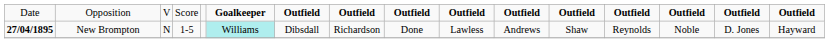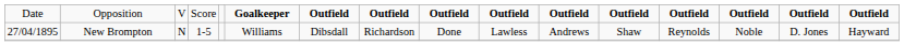 <table class="wikitable" style="font-size: 95%; text-align: center;">
 <tr style="text-align:center;">
 <td style="width:10px;; ">Date</td>
 <td style="width:150px; ">Opposition</td>
 <td style="width:5px;; ">V</td>
 <td style="width:5px;; ">Score</td>
 <td style="width:1px;; text-align:center;"></td>
 <td style="width:95px; "><strong>Goalkeeper</strong></td>
 <td style="width:75px; "><strong>Outfield</strong></td>
 <td style="width:75px; "><strong>Outfield</strong></td>
 <td style="width:75px; "><strong>Outfield</strong></td>
 <td style="width:75px; "><strong>Outfield</strong></td>
 <td style="width:75px; "><strong>Outfield</strong></td>
 <td style="width:75px; "><strong>Outfield</strong></td>
 <td style="width:75px; "><strong>Outfield</strong></td>
 <td style="width:75px; "><strong>Outfield</strong></td>
 <td style="width:75px; "><strong>Outfield</strong></td>
 <td style="width:75px; "><strong>Outfield</strong></td>
 </tr>
 <tr>
-<td><strong>27/04/1895</strong></td>
+<td>27/04/1895</td>
 <td>New Brompton</td>
 <td>N</td>
 <td>1-5</td>
 <td></td>
-<td style="background: paleturquoise;">Williams</td>
+<td>Williams</td>
 <td>Dibsdall</td>
 <td>Richardson</td>
 <td>Done</td>
 <td>Lawless</td>
 <td>Andrews</td>
 <td>Shaw</td>
 <td>Reynolds</td>
 <td>Noble</td>
 <td>D. Jones</td>
 <td>Hayward</td>
 </tr>
 <tr>
 </tr>
 </table>
